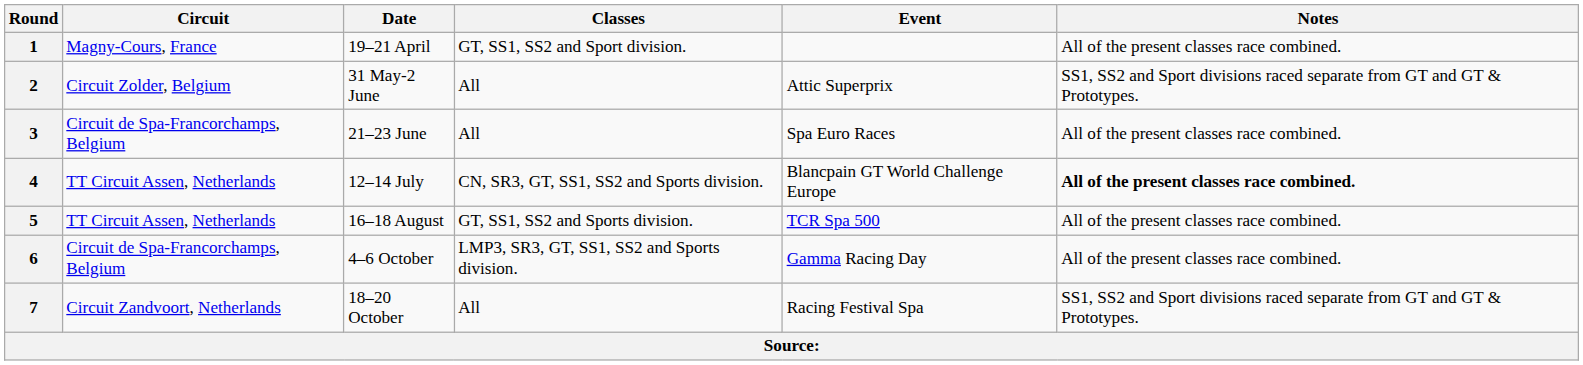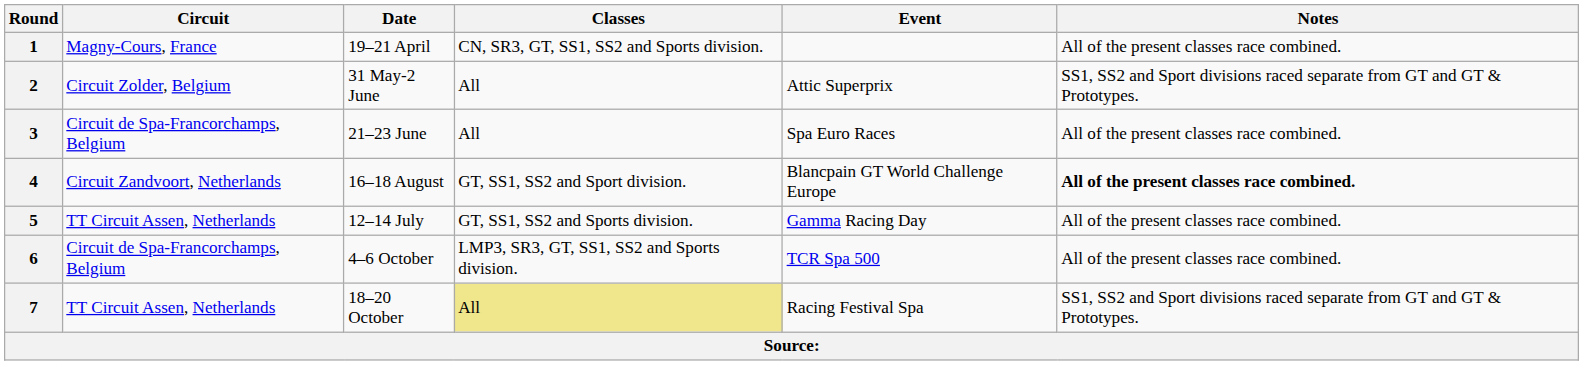 <table class="wikitable" style="font-size: 85%;">
 <tr>
 <th>Round</th>
 <th>Circuit</th>
 <th>Date</th>
 <th>Classes</th>
 <th>Event</th>
 <th>Notes</th>
 </tr>
 <tr>
 <th>1</th>
 <td> <a href='#'>Magny-Cours</a>, <a href='#'>France</a></td>
 <td>19–21 April</td>
-<td>GT, SS1, SS2 and Sport division.</td>
+<td>CN, SR3, GT, SS1, SS2 and Sports division.</td>
 <td></td>
 <td>All of the present classes race combined.</td>
 </tr>
 <tr>
 <th>2</th>
 <td> <a href='#'>Circuit Zolder</a>, <a href='#'>Belgium</a></td>
 <td>31 May-2 June</td>
 <td>All</td>
 <td>Attic Superprix</td>
 <td>SS1, SS2 and Sport divisions raced separate from GT and GT & Prototypes.</td>
 </tr>
 <tr>
 <th>3</th>
 <td> <a href='#'>Circuit de Spa-Francorchamps</a>, <a href='#'>Belgium</a></td>
 <td>21–23 June</td>
 <td>All</td>
 <td>Spa Euro Races</td>
 <td>All of the present classes race combined.</td>
 </tr>
 <tr>
 <th>4</th>
-<td> <a href='#'>TT Circuit Assen</a>, <a href='#'>Netherlands</a></td>
-<td>12–14 July</td>
-<td>CN, SR3, GT, SS1, SS2 and Sports division.</td>
+<td> <a href='#'>Circuit Zandvoort</a>, <a href='#'>Netherlands</a></td>
+<td>16–18 August</td>
+<td>GT, SS1, SS2 and Sport division.</td>
 <td>Blancpain GT World Challenge Europe</td>
 <td><strong>All of the present classes race combined.</strong></td>
 </tr>
 <tr>
 <th>5</th>
 <td> <a href='#'>TT Circuit Assen</a>, <a href='#'>Netherlands</a></td>
-<td>16–18 August</td>
+<td>12–14 July</td>
 <td>GT, SS1, SS2 and Sports division.</td>
-<td><a href='#'>TCR Spa 500</a></td>
+<td><a href='#'>Gamma</a> Racing Day</td>
 <td>All of the present classes race combined.</td>
 </tr>
 <tr>
 <th>6</th>
 <td> <a href='#'>Circuit de Spa-Francorchamps</a>, <a href='#'>Belgium</a></td>
 <td>4–6 October</td>
 <td>LMP3, SR3, GT, SS1, SS2 and Sports division.</td>
-<td><a href='#'>Gamma</a> Racing Day</td>
+<td><a href='#'>TCR Spa 500</a></td>
 <td>All of the present classes race combined.</td>
 </tr>
 <tr>
 <th>7</th>
-<td> <a href='#'>Circuit Zandvoort</a>, <a href='#'>Netherlands</a></td>
+<td> <a href='#'>TT Circuit Assen</a>, <a href='#'>Netherlands</a></td>
 <td>18–20 October</td>
-<td>All</td>
+<td style="background: khaki;">All</td>
 <td>Racing Festival Spa</td>
 <td>SS1, SS2 and Sport divisions raced separate from GT and GT & Prototypes.</td>
 </tr>
 <tr>
 <th colspan=6>Source:</th>
 </tr>
 </table>
